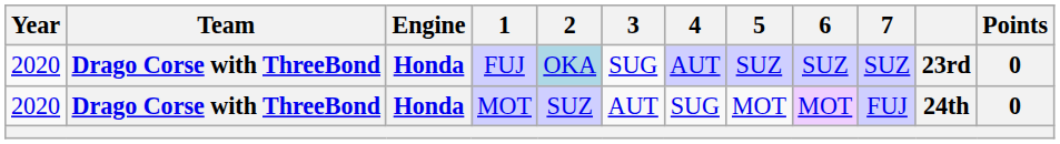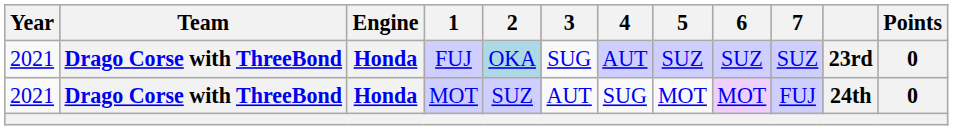 <table class="wikitable" style="text-align:center; font-size:85%">
 <tr>
 <th scope="col">Year</th>
 <th scope="col">Team</th>
 <th scope="col">Engine</th>
 <th scope="col">1</th>
 <th scope="col">2</th>
 <th scope="col">3</th>
 <th scope="col">4</th>
 <th scope="col">5</th>
 <th scope="col">6</th>
 <th scope="col">7</th>
 <th scope="col"></th>
 <th scope="col">Points</th>
 </tr>
 <tr>
-<td><a href='#'>2020</a></td>
+<td><a href='#'>2021</a></td>
 <th nowrap><a href='#'>Drago Corse</a> with <a href='#'>ThreeBond</a></th>
 <th><a href='#'>Honda</a></th>
 <td style="background:#CFCFFF;"><a href='#'>FUJ</a><br></td>
 <td style="background: lightblue;"><a href='#'>OKA</a></td>
 <td><a href='#'>SUG</a></td>
 <td style="background:#CFCFFF;"><a href='#'>AUT</a><br></td>
 <td style="background:#CFCFFF;"><a href='#'>SUZ</a><br></td>
 <td style="background:#CFCFFF;"><a href='#'>SUZ</a><br></td>
 <td style="background:#CFCFFF;"><a href='#'>SUZ</a><br></td>
 <th>23rd</th>
 <th>0</th>
 </tr>
 <tr>
-<td><a href='#'>2020</a></td>
+<td><a href='#'>2021</a></td>
 <th nowrap><a href='#'>Drago Corse</a> with <a href='#'>ThreeBond</a></th>
 <th><a href='#'>Honda</a></th>
 <td style="background:#CFCFFF;"><a href='#'>MOT</a><br></td>
 <td style="background:#CFCFFF;"><a href='#'>SUZ</a><br></td>
 <td><a href='#'>AUT</a></td>
 <td><a href='#'>SUG</a></td>
 <td><a href='#'>MOT</a></td>
 <td style="background:#EFCFFF;"><a href='#'>MOT</a><br></td>
 <td style="background:#CFCFFF;"><a href='#'>FUJ</a><br></td>
 <th>24th</th>
 <th>0</th>
 </tr>
 <tr>
 <th colspan="12"></th>
 </tr>
 </table>
